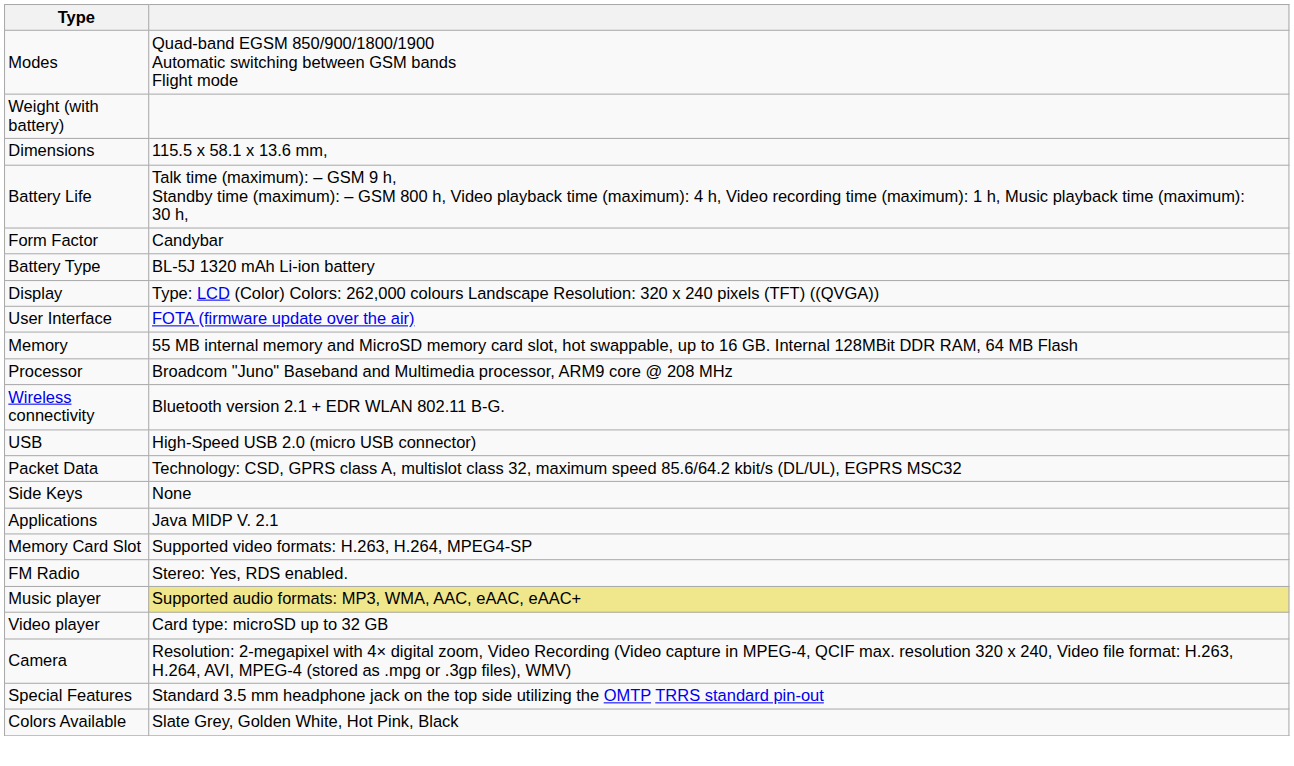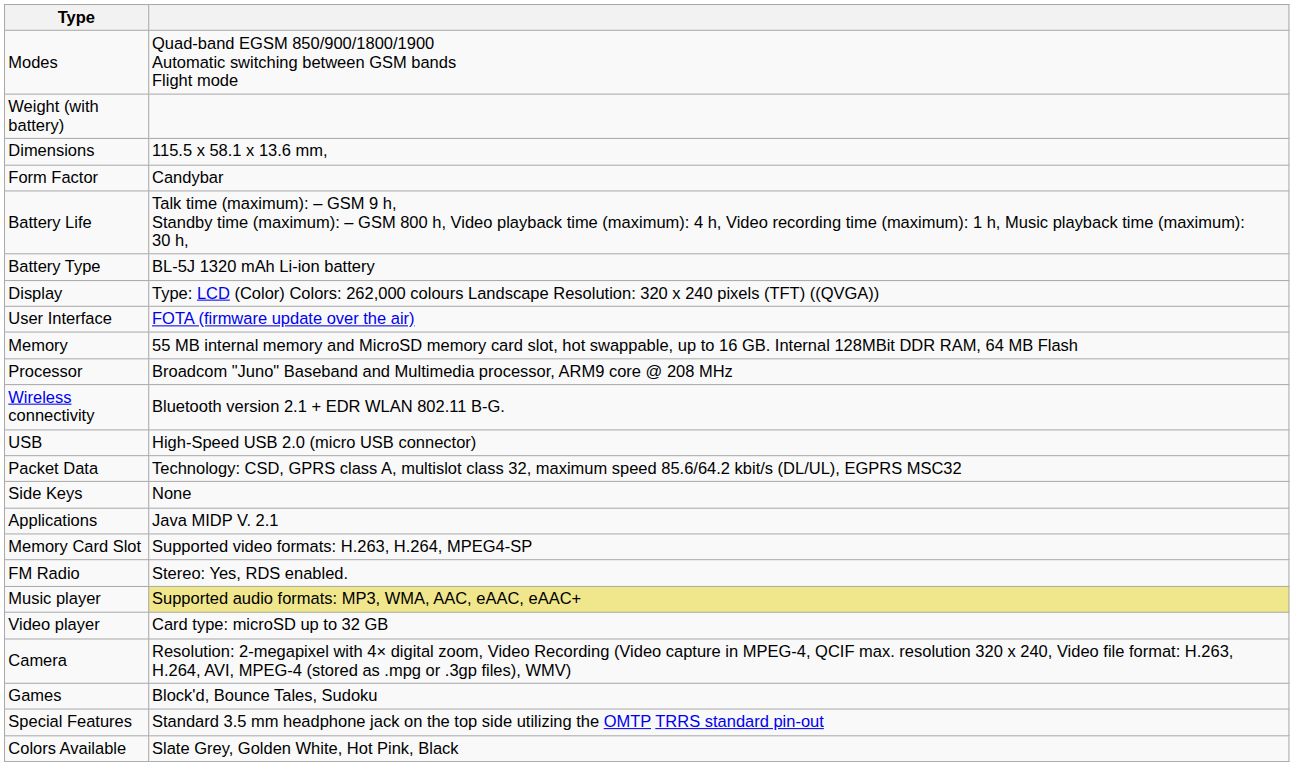 <table class="wikitable">
 <tr>
 <th>Type</th>
 <th></th>
 </tr>
 <tr>
 <td>Modes</td>
 <td>Quad-band EGSM 850/900/1800/1900<br>Automatic switching between GSM bands<br>Flight mode</td>
 </tr>
 <tr>
 <td>Weight (with battery)</td>
 <td></td>
 </tr>
 <tr>
 <td>Dimensions</td>
 <td>115.5 x 58.1 x 13.6 mm, </td>
 </tr>
 <tr>
+<td>Form Factor</td>
+<td>Candybar</td>
+</tr>
+<tr>
 <td>Battery Life</td>
 <td>Talk time (maximum): – GSM 9 h,<br>Standby time (maximum): – GSM 800 h, Video playback time (maximum): 4 h, Video recording time (maximum): 1 h, Music playback time (maximum): 30 h,</td>
-</tr>
-<tr>
-<td>Form Factor</td>
-<td>Candybar</td>
 </tr>
 <tr>
 <td>Battery Type</td>
 <td>BL-5J 1320 mAh Li-ion battery</td>
 </tr>
 <tr>
 <td>Display</td>
 <td>Type: <a href='#'>LCD</a> (Color) Colors: 262,000 colours Landscape Resolution: 320 x 240 pixels (TFT) ((QVGA))</td>
 </tr>
 <tr>
 <td>User Interface</td>
 <td><a href='#'>FOTA (firmware update over the air)</a></td>
 </tr>
 <tr>
 <td>Memory</td>
 <td>55 MB internal memory and  MicroSD memory card slot, hot swappable, up to 16 GB. Internal 128MBit DDR RAM, 64 MB Flash</td>
 </tr>
 <tr>
 <td>Processor</td>
 <td>Broadcom "Juno" Baseband and Multimedia processor, ARM9 core @ 208 MHz</td>
 </tr>
 <tr>
 <td><a href='#'>Wireless</a> connectivity</td>
 <td>Bluetooth version 2.1 + EDR  WLAN 802.11 B-G.</td>
 </tr>
 <tr>
 <td>USB</td>
 <td>High-Speed USB 2.0 (micro USB connector)</td>
 </tr>
 <tr>
 <td>Packet Data</td>
 <td>Technology: CSD, GPRS class A, multislot class 32, maximum speed 85.6/64.2 kbit/s (DL/UL), EGPRS MSC32</td>
 </tr>
 <tr>
 <td>Side Keys</td>
 <td>None</td>
 </tr>
 <tr>
 <td>Applications</td>
 <td>Java MIDP V. 2.1</td>
 </tr>
 <tr>
 <td>Memory Card Slot</td>
 <td>Supported video formats: H.263, H.264, MPEG4-SP</td>
 </tr>
 <tr>
 <td>FM Radio</td>
 <td>Stereo: Yes, RDS enabled.</td>
 </tr>
 <tr>
 <td>Music player</td>
 <td style="background: khaki;">Supported audio formats: MP3, WMA, AAC, eAAC, eAAC+</td>
 </tr>
 <tr>
 <td>Video player</td>
 <td>Card type: microSD up to 32 GB</td>
 </tr>
 <tr>
 <td>Camera</td>
 <td>Resolution: 2-megapixel with  4× digital zoom, Video Recording (Video capture in MPEG-4, QCIF max. resolution 320 x 240, Video file format: H.263, H.264, AVI, MPEG-4 (stored as .mpg or .3gp files), WMV)</td>
 </tr>
 <tr>
+<td>Games</td>
+<td>Block'd, Bounce Tales, Sudoku</td>
+</tr>
+<tr>
 <td>Special Features</td>
 <td>Standard 3.5 mm headphone jack on the top side utilizing the <a href='#'>OMTP</a> <a href='#'>TRRS standard pin-out</a> </td>
 </tr>
 <tr>
 <td>Colors Available</td>
 <td>Slate Grey, Golden White, Hot Pink, Black</td>
 </tr>
 </table>
